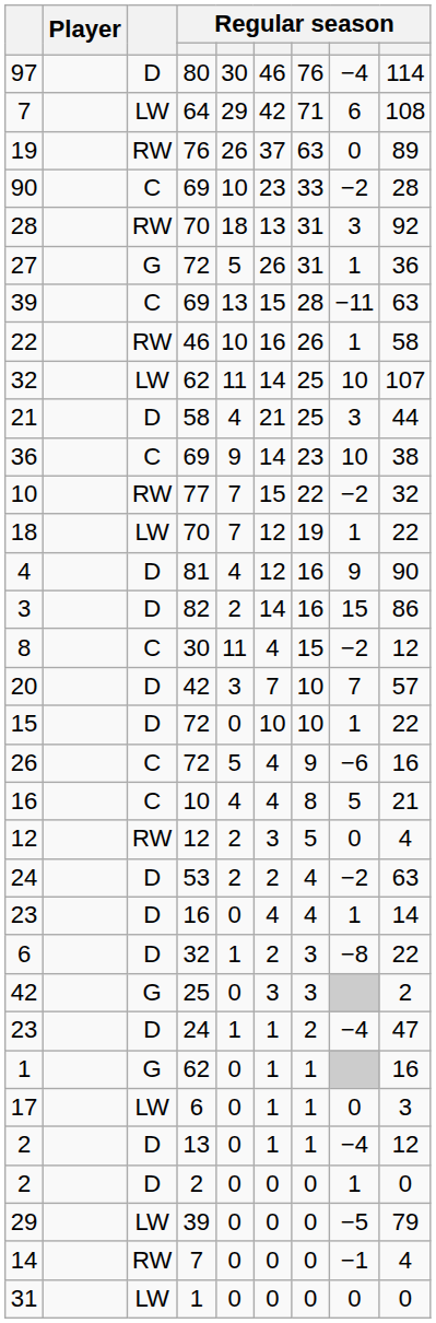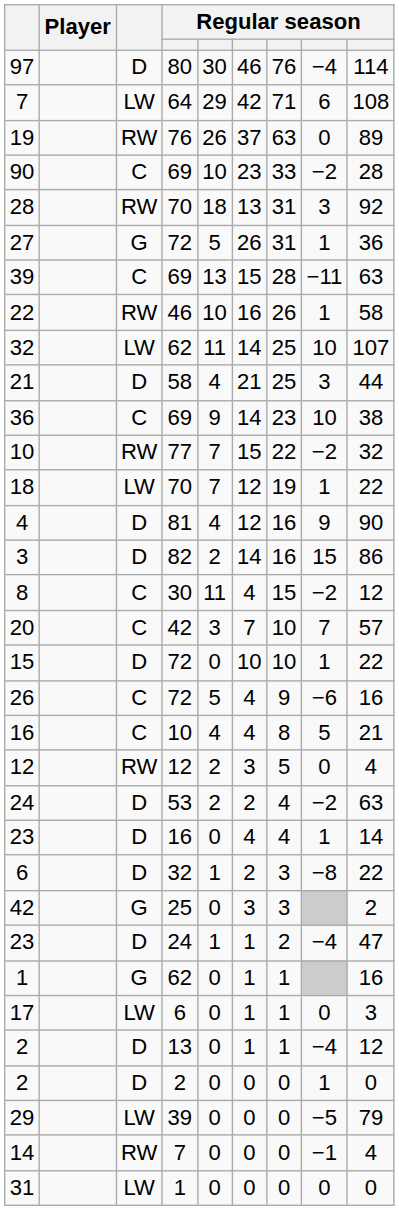 <table class="wikitable sortable plainrowheaders" style="text-align:center;">
 <tr>
 <th scope="col" data-sort-type="number" rowspan="2"></th>
 <th scope="col" rowspan="2">Player</th>
 <th scope="col" rowspan="2"></th>
 <th scope=colgroup colspan=6>Regular season</th>
 </tr>
 <tr>
 <th scope="col" data-sort-type="number"></th>
 <th scope="col" data-sort-type="number"></th>
 <th scope="col" data-sort-type="number"></th>
 <th scope="col" data-sort-type="number"></th>
 <th scope="col" data-sort-type="number"></th>
 <th scope="col" data-sort-type="number"></th>
 </tr>
 <tr>
 <td scope="row">97</td>
 <td align="left"></td>
 <td>D</td>
 <td>80</td>
 <td>30</td>
 <td>46</td>
 <td>76</td>
 <td>−4</td>
 <td>114</td>
 </tr>
 <tr>
 <td scope="row">7</td>
 <td align="left"></td>
 <td>LW</td>
 <td>64</td>
 <td>29</td>
 <td>42</td>
 <td>71</td>
 <td>6</td>
 <td>108</td>
 </tr>
 <tr>
 <td scope="row">19</td>
 <td align="left"></td>
 <td>RW</td>
 <td>76</td>
 <td>26</td>
 <td>37</td>
 <td>63</td>
 <td>0</td>
 <td>89</td>
 </tr>
 <tr>
 <td scope="row">90</td>
 <td align="left"></td>
 <td>C</td>
 <td>69</td>
 <td>10</td>
 <td>23</td>
 <td>33</td>
 <td>−2</td>
 <td>28</td>
 </tr>
 <tr>
 <td scope="row">28</td>
 <td align="left"></td>
 <td>RW</td>
 <td>70</td>
 <td>18</td>
 <td>13</td>
 <td>31</td>
 <td>3</td>
 <td>92</td>
 </tr>
 <tr>
 <td scope="row">27</td>
 <td align="left"></td>
 <td>G</td>
 <td>72</td>
 <td>5</td>
 <td>26</td>
 <td>31</td>
 <td>1</td>
 <td>36</td>
 </tr>
 <tr>
 <td scope="row">39</td>
 <td align="left"></td>
 <td>C</td>
 <td>69</td>
 <td>13</td>
 <td>15</td>
 <td>28</td>
 <td>−11</td>
 <td>63</td>
 </tr>
 <tr>
 <td scope="row">22</td>
 <td align="left"></td>
 <td>RW</td>
 <td>46</td>
 <td>10</td>
 <td>16</td>
 <td>26</td>
 <td>1</td>
 <td>58</td>
 </tr>
 <tr>
 <td scope="row">32</td>
 <td align="left"></td>
 <td>LW</td>
 <td>62</td>
 <td>11</td>
 <td>14</td>
 <td>25</td>
 <td>10</td>
 <td>107</td>
 </tr>
 <tr>
 <td scope="row">21</td>
 <td align="left"></td>
 <td>D</td>
 <td>58</td>
 <td>4</td>
 <td>21</td>
 <td>25</td>
 <td>3</td>
 <td>44</td>
 </tr>
 <tr>
 <td scope="row">36</td>
 <td align="left"></td>
 <td>C</td>
 <td>69</td>
 <td>9</td>
 <td>14</td>
 <td>23</td>
 <td>10</td>
 <td>38</td>
 </tr>
 <tr>
 <td scope="row">10</td>
 <td align="left"></td>
 <td>RW</td>
 <td>77</td>
 <td>7</td>
 <td>15</td>
 <td>22</td>
 <td>−2</td>
 <td>32</td>
 </tr>
 <tr>
 <td scope="row">18</td>
 <td align="left"></td>
 <td>LW</td>
 <td>70</td>
 <td>7</td>
 <td>12</td>
 <td>19</td>
 <td>1</td>
 <td>22</td>
 </tr>
 <tr>
 <td scope="row">4</td>
 <td align="left"></td>
 <td>D</td>
 <td>81</td>
 <td>4</td>
 <td>12</td>
 <td>16</td>
 <td>9</td>
 <td>90</td>
 </tr>
 <tr>
 <td scope="row">3</td>
 <td align="left"></td>
 <td>D</td>
 <td>82</td>
 <td>2</td>
 <td>14</td>
 <td>16</td>
 <td>15</td>
 <td>86</td>
 </tr>
 <tr>
 <td scope="row">8</td>
 <td align="left"></td>
 <td>C</td>
 <td>30</td>
 <td>11</td>
 <td>4</td>
 <td>15</td>
 <td>−2</td>
 <td>12</td>
 </tr>
 <tr>
 <td scope="row">20</td>
 <td align="left"></td>
-<td>D</td>
+<td>C</td>
 <td>42</td>
 <td>3</td>
 <td>7</td>
 <td>10</td>
 <td>7</td>
 <td>57</td>
 </tr>
 <tr>
 <td scope="row">15</td>
 <td align="left"></td>
 <td>D</td>
 <td>72</td>
 <td>0</td>
 <td>10</td>
 <td>10</td>
 <td>1</td>
 <td>22</td>
 </tr>
 <tr>
 <td scope="row">26</td>
 <td align="left"></td>
 <td>C</td>
 <td>72</td>
 <td>5</td>
 <td>4</td>
 <td>9</td>
 <td>−6</td>
 <td>16</td>
 </tr>
 <tr>
 <td scope="row">16</td>
 <td align="left"></td>
 <td>C</td>
 <td>10</td>
 <td>4</td>
 <td>4</td>
 <td>8</td>
 <td>5</td>
 <td>21</td>
 </tr>
 <tr>
 <td scope="row">12</td>
 <td align="left"></td>
 <td>RW</td>
 <td>12</td>
 <td>2</td>
 <td>3</td>
 <td>5</td>
 <td>0</td>
 <td>4</td>
 </tr>
 <tr>
 <td scope="row">24</td>
 <td align="left"></td>
 <td>D</td>
 <td>53</td>
 <td>2</td>
 <td>2</td>
 <td>4</td>
 <td>−2</td>
 <td>63</td>
 </tr>
 <tr>
 <td scope="row">23</td>
 <td align="left"></td>
 <td>D</td>
 <td>16</td>
 <td>0</td>
 <td>4</td>
 <td>4</td>
 <td>1</td>
 <td>14</td>
 </tr>
 <tr>
 <td scope="row">6</td>
 <td align="left"></td>
 <td>D</td>
 <td>32</td>
 <td>1</td>
 <td>2</td>
 <td>3</td>
 <td>−8</td>
 <td>22</td>
 </tr>
 <tr>
 <td scope="row">42</td>
 <td align="left"></td>
 <td>G</td>
 <td>25</td>
 <td>0</td>
 <td>3</td>
 <td>3</td>
 <td style="background:#ccc"></td>
 <td>2</td>
 </tr>
 <tr>
 <td scope="row">23</td>
 <td align="left"></td>
 <td>D</td>
 <td>24</td>
 <td>1</td>
 <td>1</td>
 <td>2</td>
 <td>−4</td>
 <td>47</td>
 </tr>
 <tr>
 <td scope="row">1</td>
 <td align="left"></td>
 <td>G</td>
 <td>62</td>
 <td>0</td>
 <td>1</td>
 <td>1</td>
 <td style="background:#ccc"></td>
 <td>16</td>
 </tr>
 <tr>
 <td scope="row">17</td>
 <td align="left"></td>
 <td>LW</td>
 <td>6</td>
 <td>0</td>
 <td>1</td>
 <td>1</td>
 <td>0</td>
 <td>3</td>
 </tr>
 <tr>
 <td scope="row">2</td>
 <td align="left"></td>
 <td>D</td>
 <td>13</td>
 <td>0</td>
 <td>1</td>
 <td>1</td>
 <td>−4</td>
 <td>12</td>
 </tr>
 <tr>
 <td scope="row">2</td>
 <td align="left"></td>
 <td>D</td>
 <td>2</td>
 <td>0</td>
 <td>0</td>
 <td>0</td>
 <td>1</td>
 <td>0</td>
 </tr>
 <tr>
 <td scope="row">29</td>
 <td align="left"></td>
 <td>LW</td>
 <td>39</td>
 <td>0</td>
 <td>0</td>
 <td>0</td>
 <td>−5</td>
 <td>79</td>
 </tr>
 <tr>
 <td scope="row">14</td>
 <td align="left"></td>
 <td>RW</td>
 <td>7</td>
 <td>0</td>
 <td>0</td>
 <td>0</td>
 <td>−1</td>
 <td>4</td>
 </tr>
 <tr>
 <td scope="row">31</td>
 <td align="left"></td>
 <td>LW</td>
 <td>1</td>
 <td>0</td>
 <td>0</td>
 <td>0</td>
 <td>0</td>
 <td>0</td>
 </tr>
 </table>
